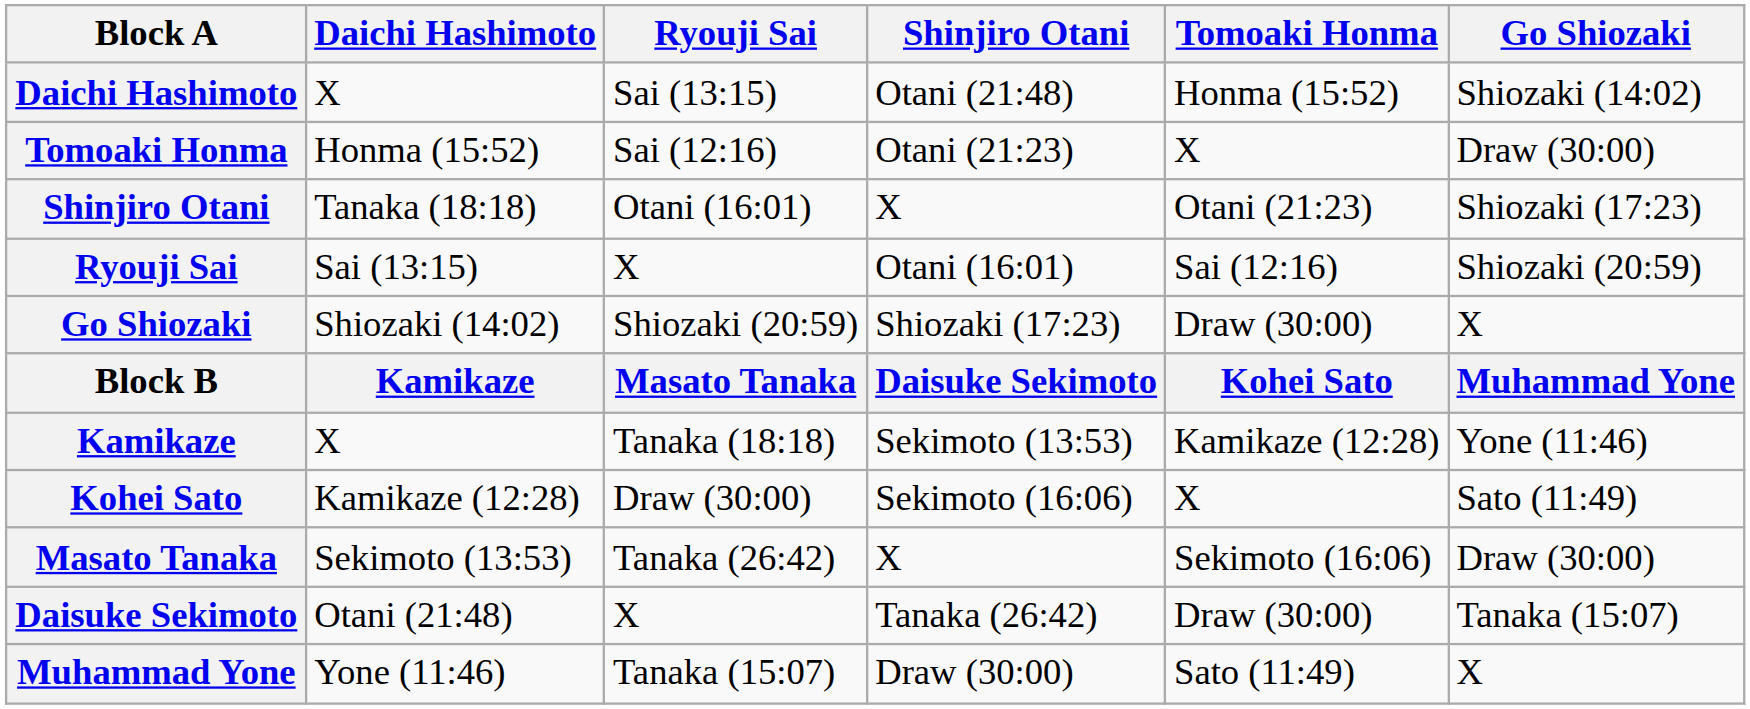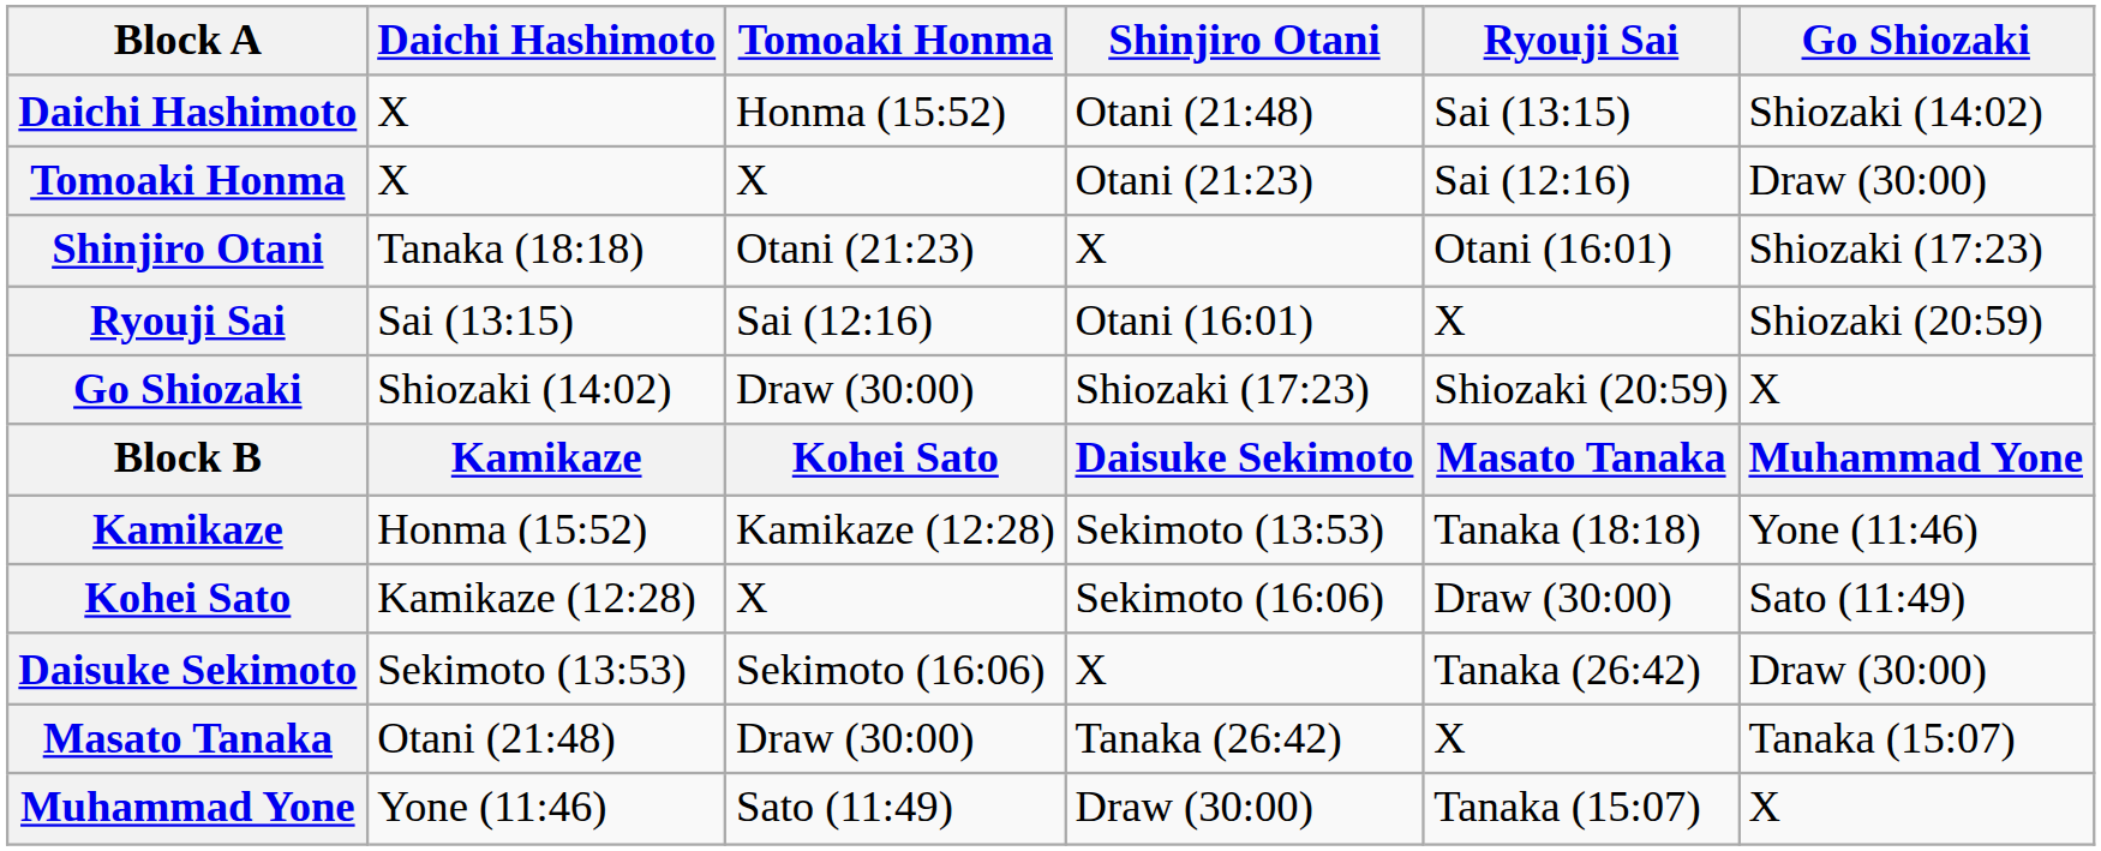 <table class="wikitable" style="margin: 1em auto 1em auto">
 <tr>
 <th>Block A</th>
 <th><a href='#'>Daichi Hashimoto</a></th>
+<th><a href='#'>Tomoaki Honma</a></th>
+<th><a href='#'>Shinjiro Otani</a></th>
 <th><a href='#'>Ryouji Sai</a></th>
-<th><a href='#'>Shinjiro Otani</a></th>
-<th><a href='#'>Tomoaki Honma</a></th>
 <th><a href='#'>Go Shiozaki</a></th>
 </tr>
 <tr>
 <th><a href='#'>Daichi Hashimoto</a></th>
 <td>X</td>
+<td>Honma (15:52)</td>
+<td>Otani (21:48)</td>
 <td>Sai (13:15)</td>
-<td>Otani (21:48)</td>
-<td>Honma (15:52)</td>
 <td>Shiozaki (14:02)</td>
 </tr>
 <tr>
 <th><a href='#'>Tomoaki Honma</a></th>
-<td>Honma (15:52)</td>
+<td>X</td>
+<td>X</td>
+<td>Otani (21:23)</td>
 <td>Sai (12:16)</td>
-<td>Otani (21:23)</td>
-<td>X</td>
 <td>Draw (30:00)</td>
 </tr>
 <tr>
 <th><a href='#'>Shinjiro Otani</a></th>
 <td>Tanaka (18:18)</td>
+<td>Otani (21:23)</td>
+<td>X</td>
 <td>Otani (16:01)</td>
-<td>X</td>
-<td>Otani (21:23)</td>
 <td>Shiozaki (17:23)</td>
 </tr>
 <tr>
 <th><a href='#'>Ryouji Sai</a></th>
 <td>Sai (13:15)</td>
+<td>Sai (12:16)</td>
+<td>Otani (16:01)</td>
 <td>X</td>
-<td>Otani (16:01)</td>
-<td>Sai (12:16)</td>
 <td>Shiozaki (20:59)</td>
 </tr>
 <tr>
 <th><a href='#'>Go Shiozaki</a></th>
 <td>Shiozaki (14:02)</td>
+<td>Draw (30:00)</td>
+<td>Shiozaki (17:23)</td>
 <td>Shiozaki (20:59)</td>
-<td>Shiozaki (17:23)</td>
-<td>Draw (30:00)</td>
 <td>X</td>
 </tr>
 <tr>
 <th>Block B</th>
 <th><a href='#'>Kamikaze</a></th>
+<th><a href='#'>Kohei Sato</a></th>
+<th><a href='#'>Daisuke Sekimoto</a></th>
 <th><a href='#'>Masato Tanaka</a></th>
-<th><a href='#'>Daisuke Sekimoto</a></th>
-<th><a href='#'>Kohei Sato</a></th>
 <th><a href='#'>Muhammad Yone</a></th>
 </tr>
 <tr>
 <th><a href='#'>Kamikaze</a></th>
-<td>X</td>
+<td>Honma (15:52)</td>
+<td>Kamikaze (12:28)</td>
+<td>Sekimoto (13:53)</td>
 <td>Tanaka (18:18)</td>
-<td>Sekimoto (13:53)</td>
-<td>Kamikaze (12:28)</td>
 <td>Yone (11:46)</td>
 </tr>
 <tr>
 <th><a href='#'>Kohei Sato</a></th>
 <td>Kamikaze (12:28)</td>
+<td>X</td>
+<td>Sekimoto (16:06)</td>
 <td>Draw (30:00)</td>
-<td>Sekimoto (16:06)</td>
-<td>X</td>
 <td>Sato (11:49)</td>
 </tr>
 <tr>
-<th><a href='#'>Masato Tanaka</a></th>
+<th><a href='#'>Daisuke Sekimoto</a></th>
 <td>Sekimoto (13:53)</td>
+<td>Sekimoto (16:06)</td>
+<td>X</td>
 <td>Tanaka (26:42)</td>
-<td>X</td>
-<td>Sekimoto (16:06)</td>
 <td>Draw (30:00)</td>
 </tr>
 <tr>
-<th><a href='#'>Daisuke Sekimoto</a></th>
+<th><a href='#'>Masato Tanaka</a></th>
 <td>Otani (21:48)</td>
+<td>Draw (30:00)</td>
+<td>Tanaka (26:42)</td>
 <td>X</td>
-<td>Tanaka (26:42)</td>
-<td>Draw (30:00)</td>
 <td>Tanaka (15:07)</td>
 </tr>
 <tr>
 <th><a href='#'>Muhammad Yone</a></th>
 <td>Yone (11:46)</td>
+<td>Sato (11:49)</td>
+<td>Draw (30:00)</td>
 <td>Tanaka (15:07)</td>
-<td>Draw (30:00)</td>
-<td>Sato (11:49)</td>
 <td>X</td>
 </tr>
 </table>
